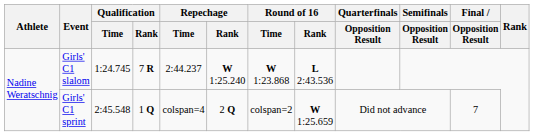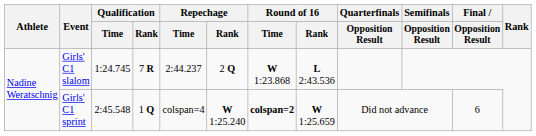 <table class="wikitable" style="font-size:90%;">
 <tr>
 <th rowspan=2>Athlete</th>
 <th rowspan=2>Event</th>
 <th colspan=2>Qualification</th>
 <th colspan=2>Repechage</th>
 <th colspan=2>Round of 16</th>
 <th>Quarterfinals</th>
 <th>Semifinals</th>
 <th>Final / </th>
 <th rowspan=2>Rank</th>
 </tr>
 <tr style="font-size:95%">
 <th>Time</th>
 <th>Rank</th>
 <th>Time</th>
 <th>Rank</th>
 <th>Time</th>
 <th>Rank</th>
 <th>Opposition <br>Result</th>
 <th>Opposition <br>Result</th>
 <th>Opposition <br>Result</th>
 </tr>
 <tr align=center>
 <td rowspan=4 align=left><a href='#'>Nadine Weratschnig</a></td>
 <td align=left><a href='#'>Girls' C1 slalom</a></td>
 <td>1:24.745</td>
 <td>7 <strong>R</strong></td>
 <td>2:44.237</td>
-<td><br><strong>W</strong> 1:25.240</td>
+<td>2 <strong>Q</strong></td>
 <td><br><strong>W</strong> 1:23.868</td>
 <td><br><strong>L</strong> 2:43.536</td>
 <td></td>
 </tr>
 <tr align=center>
 <td align=left><a href='#'>Girls' C1 sprint</a></td>
 <td>2:45.548</td>
 <td>1 <strong>Q</strong></td>
 <td>colspan=4 </td>
-<td>2 <strong>Q</strong></td>
-<td>colspan=2 </td>
+<td><br><strong>W</strong> 1:25.240</td>
+<td><strong>colspan=2 </strong></td>
 <td><br><strong>W</strong> 1:25.659</td>
 <td colspan=2>Did not advance</td>
-<td>7</td>
+<td>6</td>
 </tr>
 </table>
